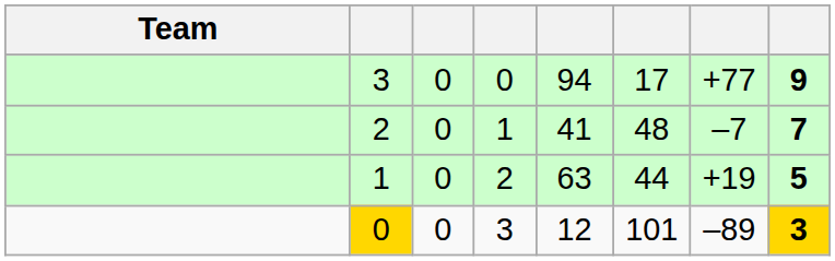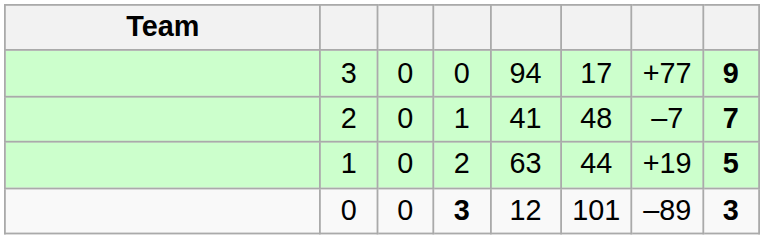 <table class="wikitable" style="text-align:center;">
 <tr>
 <th style="width:10.5em;">Team</th>
 <th style="width:1.5em;"></th>
 <th style="width:1.5em;"></th>
 <th style="width:1.5em;"></th>
 <th style="width:2.0em;"></th>
 <th style="width:2.0em;"></th>
 <th style="width:2.0em;"></th>
 <th style="width:1.5em;"></th>
 </tr>
 <tr bgcolor=#cfc>
 <td align="left"></td>
 <td>3</td>
 <td>0</td>
 <td>0</td>
 <td>94</td>
 <td>17</td>
 <td>+77</td>
 <td><strong>9</strong></td>
 </tr>
 <tr bgcolor=#cfc>
 <td align="left"></td>
 <td>2</td>
 <td>0</td>
 <td>1</td>
 <td>41</td>
 <td>48</td>
 <td>–7</td>
 <td><strong>7</strong></td>
 </tr>
 <tr bgcolor=#cfc>
 <td align="left"></td>
 <td>1</td>
 <td>0</td>
 <td>2</td>
 <td>63</td>
 <td>44</td>
 <td>+19</td>
 <td><strong>5</strong></td>
 </tr>
 <tr>
 <td align="left"></td>
-<td style="background: gold;">0</td>
 <td>0</td>
-<td>3</td>
+<td>0</td>
+<td><strong>3</strong></td>
 <td>12</td>
 <td>101</td>
 <td>–89</td>
-<td style="background: gold;"><strong>3</strong></td>
+<td><strong>3</strong></td>
 </tr>
 </table>
